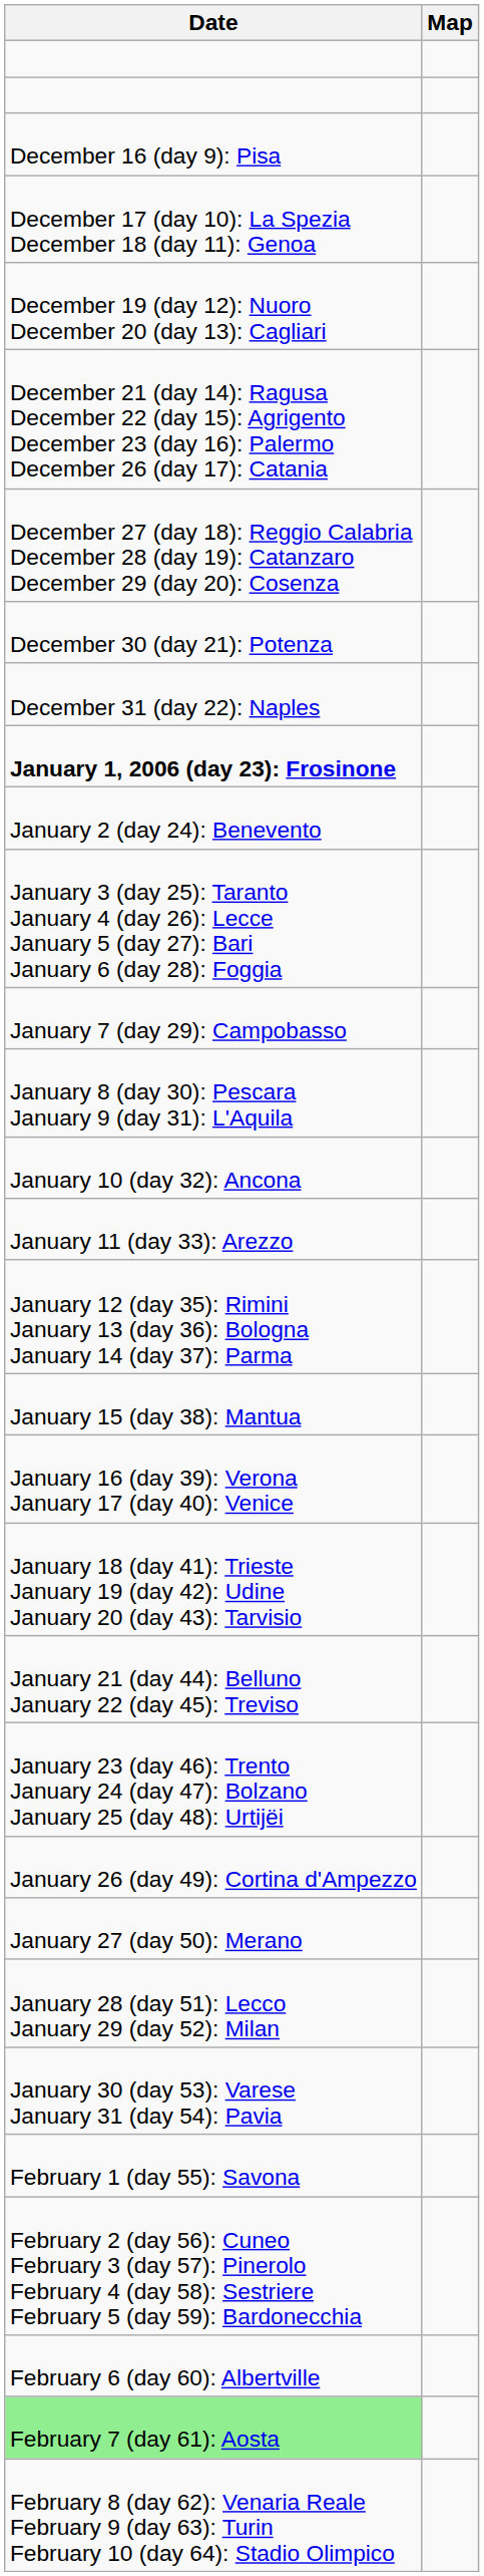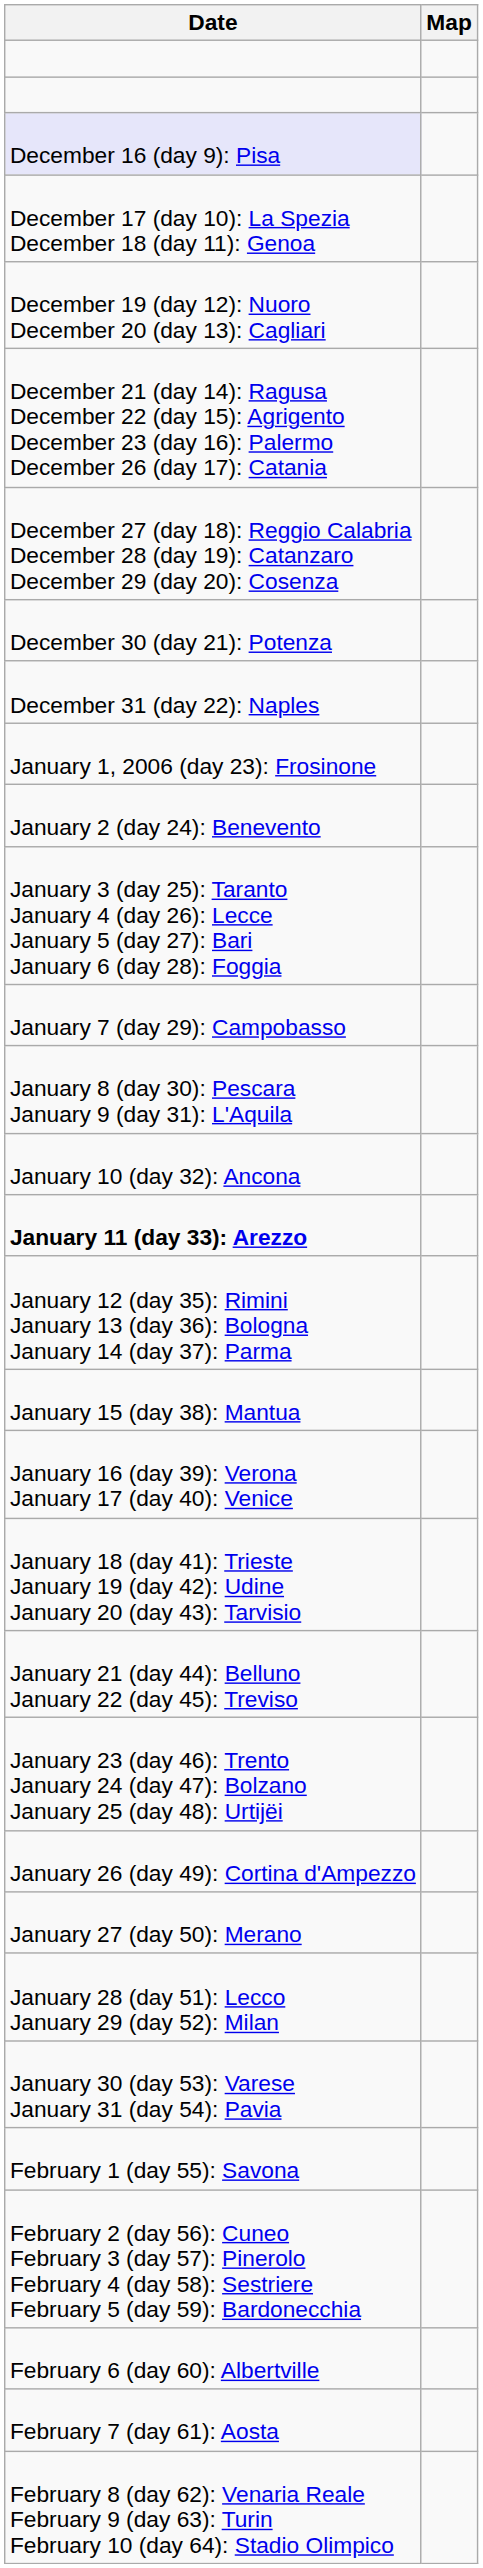 <table class="wikitable">
 <tr>
 <th>Date</th>
 <th>Map</th>
 </tr>
 <tr>
 <td><br>  </td>
 <td></td>
 </tr>
 <tr>
 <td><br></td>
 <td></td>
 </tr>
 <tr>
-<td><br>    December 16 (day 9): <a href='#'>Pisa</a></td>
+<td style="background: lavender;"><br>    December 16 (day 9): <a href='#'>Pisa</a></td>
 <td></td>
 </tr>
 <tr>
 <td><br>December 17 (day 10): <a href='#'>La Spezia</a><br> December 18 (day 11): <a href='#'>Genoa</a></td>
 <td></td>
 </tr>
 <tr>
 <td><br>December 19 (day 12): <a href='#'>Nuoro</a><br> December 20 (day 13): <a href='#'>Cagliari</a></td>
 <td></td>
 </tr>
 <tr>
 <td><br>December 21 (day 14): <a href='#'>Ragusa</a><br> December 22 (day 15): <a href='#'>Agrigento</a><br> December 23 (day 16): <a href='#'>Palermo</a><br> December 26 (day 17): <a href='#'>Catania</a></td>
 <td></td>
 </tr>
 <tr>
 <td><br>December 27 (day 18): <a href='#'>Reggio Calabria</a><br> December 28 (day 19): <a href='#'>Catanzaro</a><br> December 29 (day 20): <a href='#'>Cosenza</a></td>
 <td></td>
 </tr>
 <tr>
 <td><br>December 30 (day 21): <a href='#'>Potenza</a></td>
 <td></td>
 </tr>
 <tr>
 <td><br>December 31 (day 22): <a href='#'>Naples</a></td>
 <td></td>
 </tr>
 <tr>
-<td><strong><br>January 1, 2006 (day 23): <a href='#'>Frosinone</a></strong></td>
+<td><br>January 1, 2006 (day 23): <a href='#'>Frosinone</a></td>
 <td></td>
 </tr>
 <tr>
 <td><br>January 2 (day 24): <a href='#'>Benevento</a></td>
 <td></td>
 </tr>
 <tr>
 <td><br>January 3 (day 25): <a href='#'>Taranto</a><br> January 4 (day 26): <a href='#'>Lecce</a><br> January 5 (day 27): <a href='#'>Bari</a><br> January 6 (day 28): <a href='#'>Foggia</a></td>
 <td></td>
 </tr>
 <tr>
 <td><br>January 7 (day 29): <a href='#'>Campobasso</a></td>
 <td></td>
 </tr>
 <tr>
 <td><br>January 8 (day 30): <a href='#'>Pescara</a><br> January 9 (day 31): <a href='#'>L'Aquila</a></td>
 <td></td>
 </tr>
 <tr>
 <td><br>January 10 (day 32): <a href='#'>Ancona</a></td>
 <td></td>
 </tr>
 <tr>
-<td><br>January 11 (day 33): <a href='#'>Arezzo</a></td>
+<td><strong><br>January 11 (day 33): <a href='#'>Arezzo</a></strong></td>
 <td></td>
 </tr>
 <tr>
 <td><br>January 12 (day 35): <a href='#'>Rimini</a><br> January 13 (day 36): <a href='#'>Bologna</a><br> January 14 (day 37): <a href='#'>Parma</a></td>
 <td></td>
 </tr>
 <tr>
 <td><br>January 15 (day 38): <a href='#'>Mantua</a></td>
 <td></td>
 </tr>
 <tr>
 <td><br>January 16 (day 39): <a href='#'>Verona</a><br> January 17 (day 40): <a href='#'>Venice</a></td>
 <td></td>
 </tr>
 <tr>
 <td><br>January 18 (day 41): <a href='#'>Trieste</a><br> January 19 (day 42): <a href='#'>Udine</a><br> January 20 (day 43): <a href='#'>Tarvisio</a></td>
 <td></td>
 </tr>
 <tr>
 <td><br>January 21 (day 44): <a href='#'>Belluno</a><br> January 22 (day 45): <a href='#'>Treviso</a></td>
 <td></td>
 </tr>
 <tr>
 <td><br>January 23 (day 46): <a href='#'>Trento</a><br> January 24 (day 47): <a href='#'>Bolzano</a><br> January 25 (day 48): <a href='#'>Urtijëi</a></td>
 <td></td>
 </tr>
 <tr>
 <td><br>January 26 (day 49): <a href='#'>Cortina d'Ampezzo</a></td>
 <td></td>
 </tr>
 <tr>
 <td><br>January 27 (day 50): <a href='#'>Merano</a></td>
 <td></td>
 </tr>
 <tr>
 <td><br>January 28 (day 51): <a href='#'>Lecco</a><br> January 29 (day 52): <a href='#'>Milan</a></td>
 <td></td>
 </tr>
 <tr>
 <td><br>January 30 (day 53): <a href='#'>Varese</a><br> January 31 (day 54): <a href='#'>Pavia</a></td>
 <td></td>
 </tr>
 <tr>
 <td><br>February 1 (day 55): <a href='#'>Savona</a></td>
 <td></td>
 </tr>
 <tr>
 <td><br>February 2 (day 56): <a href='#'>Cuneo</a><br> February 3 (day 57): <a href='#'>Pinerolo</a><br> February 4 (day 58): <a href='#'>Sestriere</a><br> February 5 (day 59): <a href='#'>Bardonecchia</a></td>
 <td></td>
 </tr>
 <tr>
 <td><br>February 6 (day 60): <a href='#'>Albertville</a></td>
 <td></td>
 </tr>
 <tr>
-<td style="background: lightgreen;"><br>February 7 (day 61): <a href='#'>Aosta</a></td>
+<td><br>February 7 (day 61): <a href='#'>Aosta</a></td>
 <td></td>
 </tr>
 <tr>
 <td><br>February 8 (day 62): <a href='#'>Venaria Reale</a><br> February 9 (day 63): <a href='#'>Turin</a><br> February 10 (day 64): <a href='#'>Stadio Olimpico</a></td>
 <td></td>
 </tr>
 </table>
